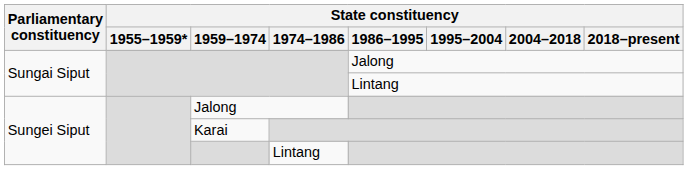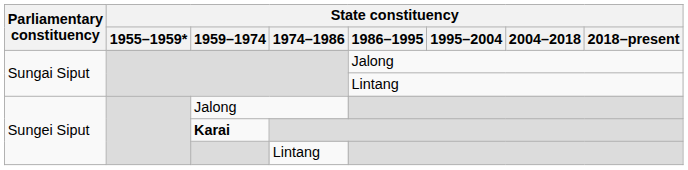 <table class="wikitable">
 <tr>
 <th rowspan="2">Parliamentary<br>constituency</th>
 <th colspan="7">State constituency</th>
 </tr>
 <tr>
 <th>1955–1959*</th>
 <th>1959–1974</th>
 <th>1974–1986</th>
 <th>1986–1995</th>
 <th>1995–2004</th>
 <th>2004–2018</th>
 <th>2018–present</th>
 </tr>
 <tr>
 <td rowspan="2">Sungai Siput</td>
 <td colspan="3" rowspan="2" bgcolor="dcdcdc"></td>
 <td colspan="4">Jalong</td>
 </tr>
 <tr>
 <td colspan="4">Lintang</td>
 </tr>
 <tr>
 <td rowspan="3">Sungei Siput</td>
 <td rowspan="3" bgcolor="dcdcdc"></td>
 <td colspan="2">Jalong</td>
 <td colspan="4" bgcolor="dcdcdc"></td>
 </tr>
 <tr>
-<td>Karai</td>
+<td><strong>Karai</strong></td>
 <td colspan="5" bgcolor="dcdcdc"></td>
 </tr>
 <tr>
 <td bgcolor="dcdcdc"></td>
 <td>Lintang</td>
 <td colspan="4" bgcolor="dcdcdc"></td>
 </tr>
 </table>
